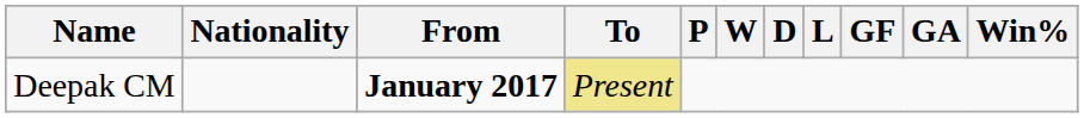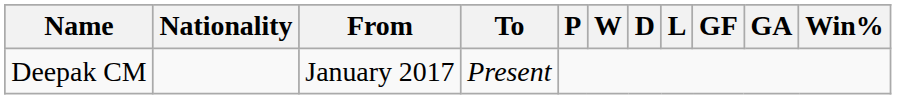 <table class="wikitable plainrowheaders sortable" style="text-align:center">
 <tr>
 <th>Name</th>
 <th>Nationality</th>
 <th>From</th>
 <th class="unsortable">To</th>
 <th>P</th>
 <th>W</th>
 <th>D</th>
 <th>L</th>
 <th>GF</th>
 <th>GA</th>
 <th>Win%</th>
 </tr>
 <tr>
 <td scope=row style=text-align:left>Deepak CM</td>
 <td align=left></td>
-<td align=left><strong>January 2017</strong></td>
-<td align=left style="background: khaki;"><em>Present</em><br></td>
+<td align=left>January 2017</td>
+<td align=left><em>Present</em><br></td>
 </tr>
 </table>
